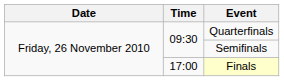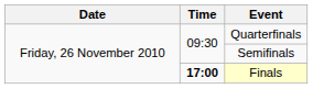 <table class = "wikitable" style="text-align:center;">
 <tr>
 <th width=220>Date</th>
 <th width=50>Time</th>
 <th width=100>Event</th>
 </tr>
 <tr>
 <td rowspan=3>Friday, 26 November 2010</td>
 <td rowspan=2>09:30</td>
 <td>Quarterfinals</td>
 </tr>
 <tr>
 <td>Semifinals</td>
 </tr>
 <tr>
-<td>17:00</td>
+<td><strong>17:00</strong></td>
 <td bgcolor=ffffcc>Finals</td>
 </tr>
 </table>
